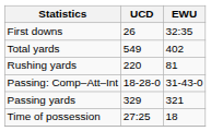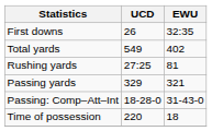 <table class="wikitable" style="float: left;">
 <tr>
 <th>Statistics</th>
 <th>UCD</th>
 <th>EWU</th>
 </tr>
 <tr>
 <td>First downs</td>
 <td>26</td>
 <td>32:35</td>
 </tr>
 <tr>
 <td>Total yards</td>
 <td>549</td>
 <td>402</td>
 </tr>
 <tr>
 <td>Rushing yards</td>
-<td>220</td>
+<td>27:25</td>
 <td>81</td>
+</tr>
+<tr>
+<td>Passing yards</td>
+<td>329</td>
+<td>321</td>
 </tr>
 <tr>
 <td>Passing: Comp–Att–Int</td>
 <td>18-28-0</td>
 <td>31-43-0</td>
 </tr>
 <tr>
-<td>Passing yards</td>
-<td>329</td>
-<td>321</td>
-</tr>
-<tr>
 <td>Time of possession</td>
-<td>27:25</td>
+<td>220</td>
 <td>18</td>
 </tr>
 <tr>
 </tr>
 </table>
